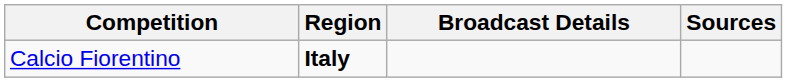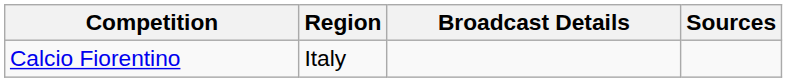 <table class="wikitable">
 <tr>
 <th width="200">Competition</th>
 <th>Region</th>
 <th width="200">Broadcast Details</th>
 <th>Sources</th>
 </tr>
 <tr>
 <td><a href='#'>Calcio Fiorentino</a></td>
-<td><strong>Italy</strong></td>
+<td>Italy</td>
 <td></td>
 </tr>
 </table>
